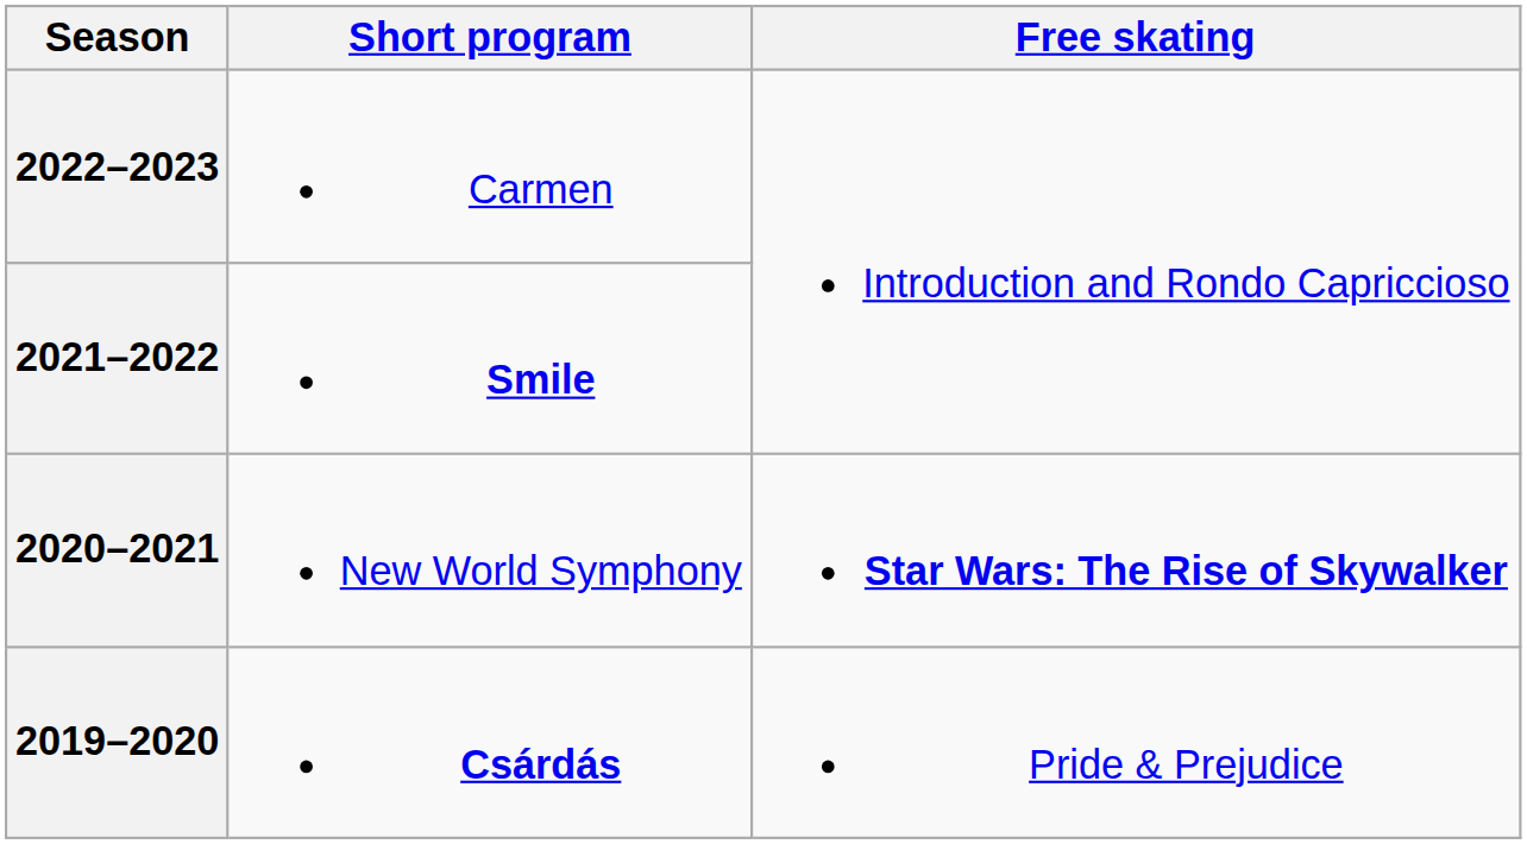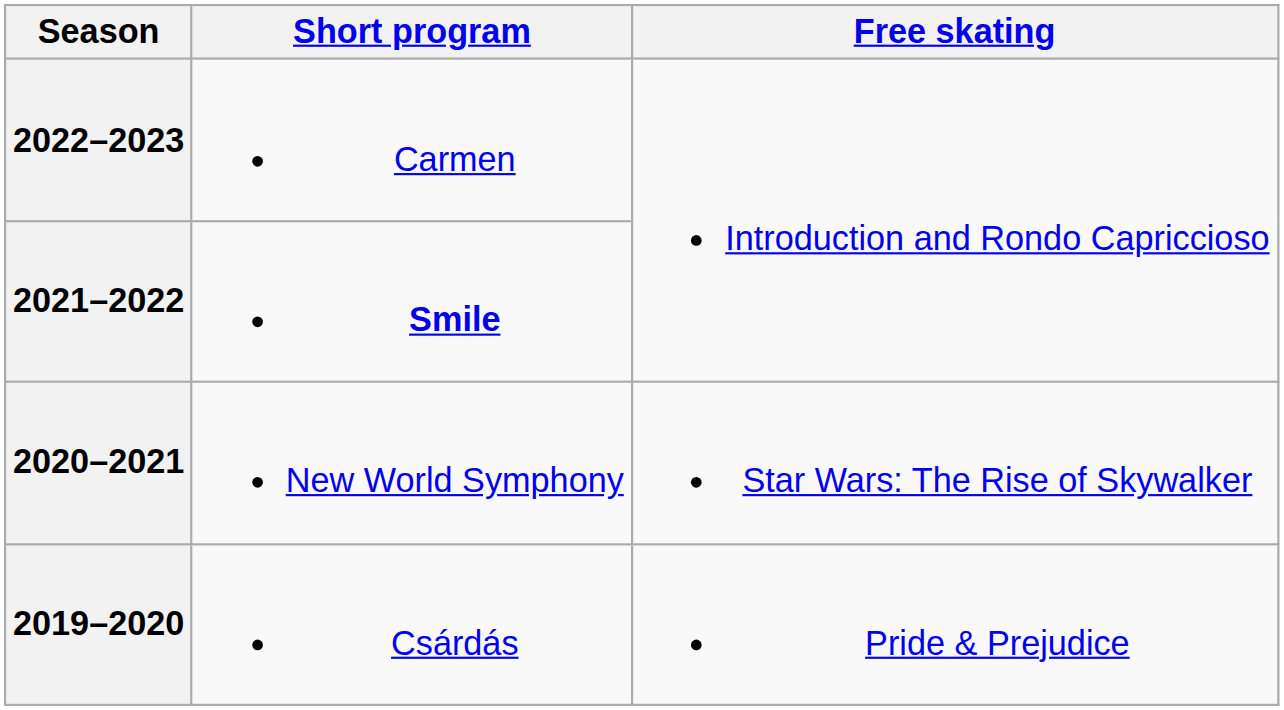 <table class=wikitable style=text-align:center>
 <tr>
 <th>Season</th>
 <th><a href='#'>Short program</a></th>
 <th><a href='#'>Free skating</a></th>
 </tr>
 <tr>
 <th>2022–2023 <br> </th>
 <td><br><ul><li><a href='#'>Carmen</a> <br></li></ul></td>
 <td rowspan=2><br><ul><li><a href='#'>Introduction and Rondo Capriccioso</a> <br> </li></ul></td>
 </tr>
 <tr>
 <th>2021–2022 <br> </th>
 <td><strong><br><ul><li><a href='#'>Smile</a> <br></li></ul></strong></td>
 </tr>
 <tr>
 <th>2020–2021 <br>  </th>
 <td><br><ul><li><a href='#'>New World Symphony</a> <br> </li></ul></td>
-<td><strong><br><ul><li><a href='#'>Star Wars: The Rise of Skywalker</a> <br> </li></ul></strong></td>
+<td><br><ul><li><a href='#'>Star Wars: The Rise of Skywalker</a> <br> </li></ul></td>
 </tr>
 <tr>
 <th>2019–2020 <br> </th>
-<td><strong><br><ul><li><a href='#'>Csárdás</a> <br> </li></ul></strong></td>
+<td><br><ul><li><a href='#'>Csárdás</a> <br> </li></ul></td>
 <td><br><ul><li><a href='#'>Pride & Prejudice</a> <br> </li></ul></td>
 </tr>
 </table>
